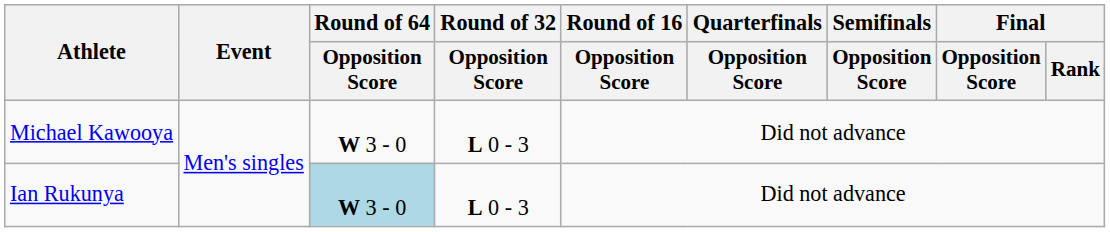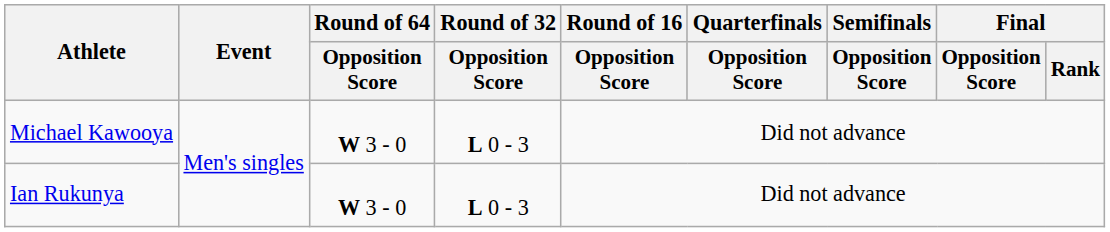 <table class=wikitable style="font-size:90%">
 <tr>
 <th rowspan=2>Athlete</th>
 <th rowspan=2>Event</th>
 <th>Round of 64</th>
 <th>Round of 32</th>
 <th>Round of 16</th>
 <th>Quarterfinals</th>
 <th>Semifinals</th>
 <th colspan=2>Final</th>
 </tr>
 <tr style="font-size:95%">
 <th>Opposition<br>Score</th>
 <th>Opposition<br>Score</th>
 <th>Opposition<br>Score</th>
 <th>Opposition<br>Score</th>
 <th>Opposition<br>Score</th>
 <th>Opposition<br>Score</th>
 <th>Rank</th>
 </tr>
 <tr align=center>
 <td align=left><a href='#'>Michael Kawooya</a></td>
 <td align=left rowspan=2><a href='#'>Men's singles</a></td>
 <td><br><strong>W</strong> 3 - 0</td>
 <td><br><strong>L</strong> 0 - 3</td>
 <td colspan=5>Did not advance</td>
 </tr>
 <tr align=center>
 <td align=left><a href='#'>Ian Rukunya</a></td>
-<td style="background: lightblue;"><br><strong>W</strong> 3 - 0</td>
+<td><br><strong>W</strong> 3 - 0</td>
 <td><br><strong>L</strong> 0 - 3</td>
 <td colspan=5>Did not advance</td>
 </tr>
 </table>
